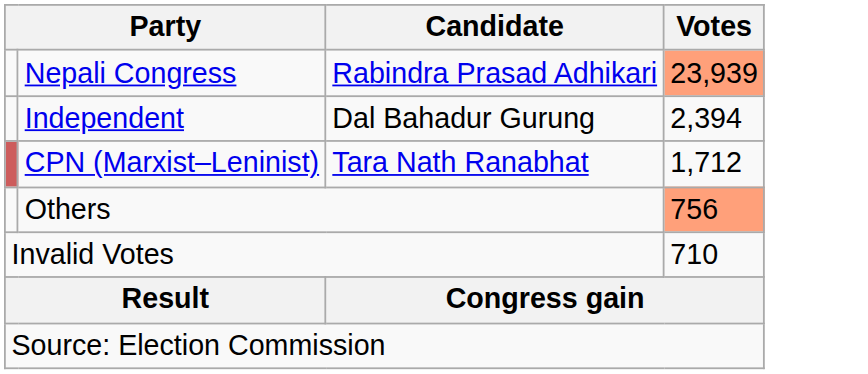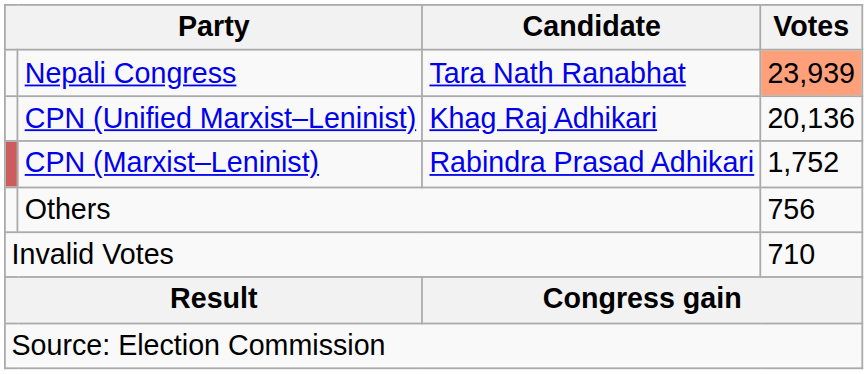 <table class="wikitable">
 <tr>
 <th colspan="2">Party</th>
 <th>Candidate</th>
 <th>Votes</th>
 </tr>
 <tr>
 <td style="background-color:"></td>
 <td><a href='#'>Nepali Congress</a></td>
-<td><a href='#'>Rabindra Prasad Adhikari</a></td>
+<td><a href='#'>Tara Nath Ranabhat</a></td>
 <td style="background: lightsalmon;">23,939</td>
 </tr>
 <tr>
 <td style="background-color:"></td>
-<td><a href='#'>Independent</a></td>
-<td>Dal Bahadur Gurung</td>
-<td>2,394</td>
+<td><a href='#'>CPN (Unified Marxist–Leninist)</a></td>
+<td><a href='#'>Khag Raj Adhikari</a></td>
+<td>20,136</td>
 </tr>
 <tr>
 <td style="background-color:indianred"></td>
 <td><a href='#'>CPN (Marxist–Leninist)</a></td>
-<td><a href='#'>Tara Nath Ranabhat</a></td>
-<td>1,712</td>
+<td><a href='#'>Rabindra Prasad Adhikari</a></td>
+<td>1,752</td>
 </tr>
 <tr>
 <td></td>
 <td colspan="2">Others</td>
-<td style="background: lightsalmon;">756</td>
+<td>756</td>
 </tr>
 <tr>
 <td colspan="3">Invalid Votes</td>
 <td>710</td>
 </tr>
 <tr>
 <th colspan="2">Result</th>
 <th colspan="2">Congress gain</th>
 </tr>
 <tr>
 <td colspan="4">Source: Election Commission</td>
 </tr>
 </table>
